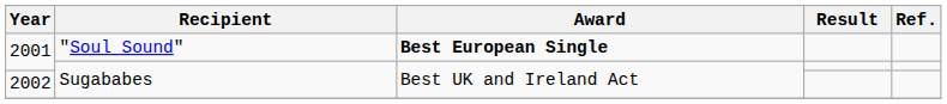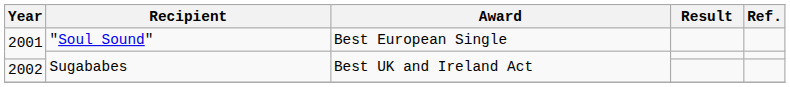 <table class="wikitable">
 <tr>
 <th>Year</th>
 <th width="250">Recipient</th>
 <th width="300">Award</th>
 <th width="60">Result</th>
 <th>Ref.</th>
 </tr>
 <tr>
 <td rowspan="2">2001</td>
 <td>"<a href='#'>Soul Sound</a>"</td>
-<td><strong>Best European Single</strong></td>
+<td>Best European Single</td>
 <td></td>
 <td align="center"></td>
 </tr>
 <tr>
 <td rowspan="2">Sugababes</td>
 <td rowspan="2">Best UK and Ireland Act</td>
 <td></td>
 <td align="center"></td>
 </tr>
 <tr>
 <td>2002</td>
 <td></td>
 <td align="center"></td>
 </tr>
 <tr>
 </tr>
 </table>
